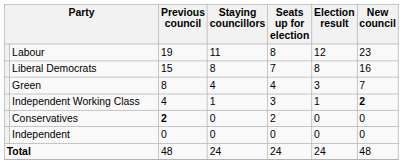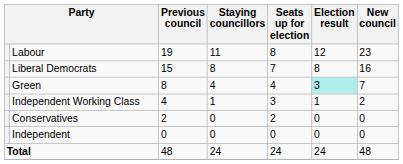 <table class="wikitable">
 <tr>
 <th valign=top colspan="2" style="width: 230px">Party</th>
 <th valign=top style="width: 30px">Previous council</th>
 <th valign=top style="width: 30px">Staying councillors</th>
 <th valign=top style="width: 30px">Seats up for election</th>
 <th valign=top style="width: 30px">Election result</th>
 <th valign=top style="width: 30px">New council</th>
 </tr>
 <tr>
 <th style="background-color: "></th>
 <td>Labour</td>
 <td>19</td>
 <td>11</td>
 <td>8</td>
 <td>12</td>
 <td>23</td>
 </tr>
 <tr>
 <th style="background-color: "></th>
 <td>Liberal Democrats</td>
 <td>15</td>
 <td>8</td>
 <td>7</td>
 <td>8</td>
 <td>16</td>
 </tr>
 <tr>
 <th style="background-color: "></th>
 <td>Green</td>
 <td>8</td>
 <td>4</td>
 <td>4</td>
-<td>3</td>
+<td style="background: paleturquoise;">3</td>
 <td>7</td>
 </tr>
 <tr>
 <th style="background-color: "></th>
 <td>Independent Working Class</td>
 <td>4</td>
 <td>1</td>
 <td>3</td>
 <td>1</td>
-<td><strong>2</strong></td>
+<td>2</td>
 </tr>
 <tr>
 <th style="background-color: "></th>
 <td>Conservatives</td>
-<td><strong>2</strong></td>
+<td>2</td>
 <td>0</td>
 <td>2</td>
 <td>0</td>
 <td>0</td>
 </tr>
 <tr>
 <th style="background-color: "></th>
 <td>Independent</td>
 <td>0</td>
 <td>0</td>
 <td>0</td>
 <td>0</td>
 <td>0</td>
 </tr>
 <tr>
 <td colspan="2"><strong>Total</strong></td>
 <td>48</td>
 <td>24</td>
 <td>24</td>
 <td>24</td>
 <td>48</td>
 </tr>
 <tr>
 </tr>
 </table>
